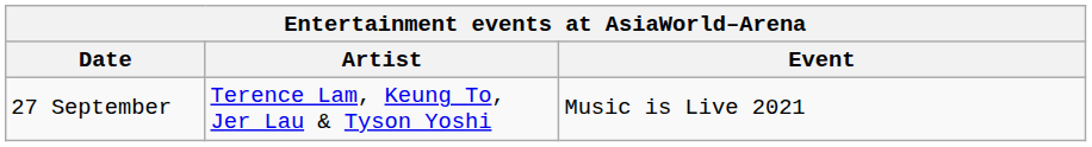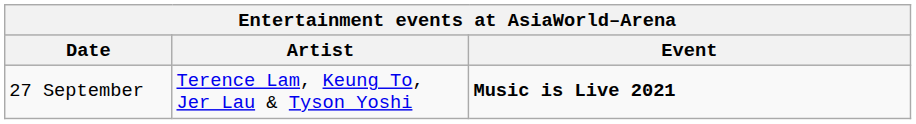 <table class="wikitable">
 <tr>
 <th colspan="3">Entertainment events at AsiaWorld–Arena</th>
 </tr>
 <tr>
 <th width=110>Date</th>
 <th width=200>Artist</th>
 <th width=300>Event</th>
 </tr>
 <tr>
 <td>27 September</td>
 <td rowspan="1"><a href='#'>Terence Lam</a>, <a href='#'>Keung To</a>, <a href='#'>Jer Lau</a> & <a href='#'>Tyson Yoshi</a></td>
-<td rowspan="1">Music is Live 2021</td>
+<td rowspan="1"><strong>Music is Live 2021</strong></td>
 </tr>
 </table>
